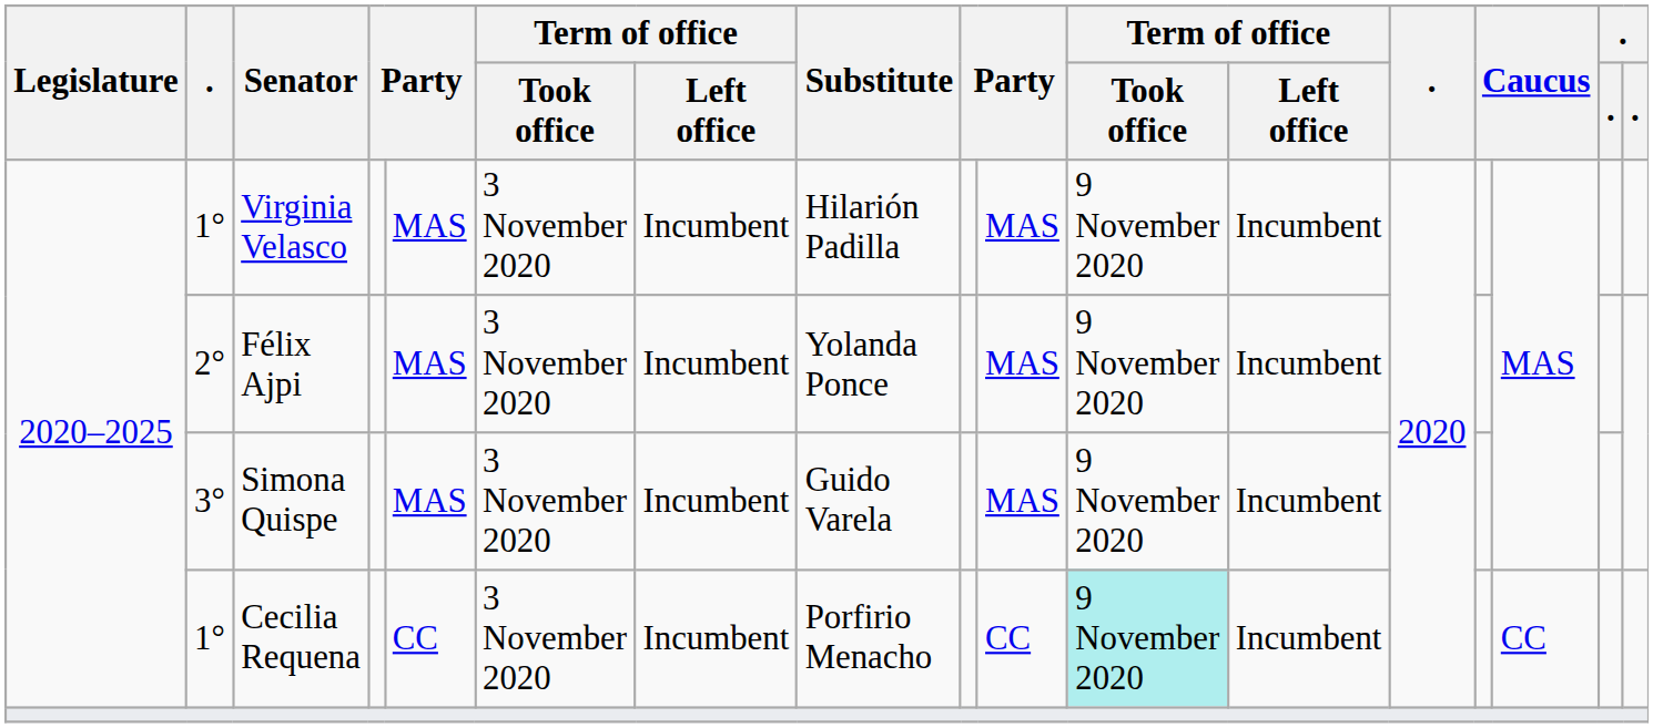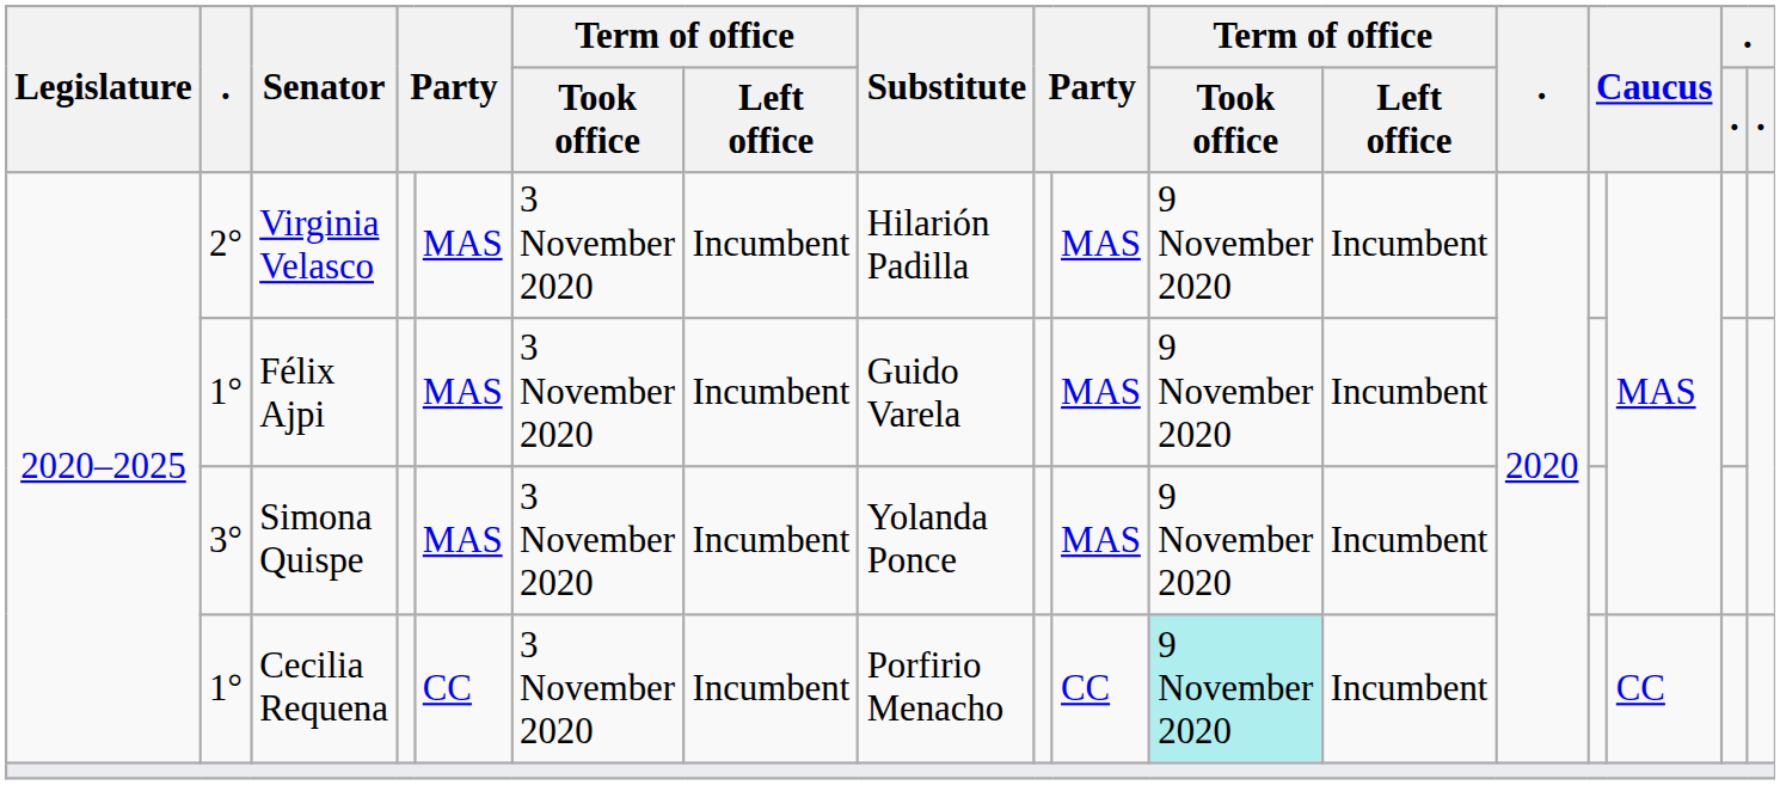 <table class="wikitable" style="font-size: 90%;">
 <tr>
 <th rowspan=2>Legislature</th>
 <th rowspan=2>.</th>
 <th rowspan=2>Senator</th>
 <th rowspan=2 colspan=2>Party</th>
 <th colspan=2>Term of office</th>
 <th rowspan=2>Substitute</th>
 <th rowspan=2 colspan=2>Party</th>
 <th colspan=2>Term of office</th>
 <th rowspan=2>.</th>
 <th rowspan=2 colspan=2><a href='#'>Caucus</a></th>
 <th colspan=2>.</th>
 </tr>
 <tr>
 <th>Took office</th>
 <th>Left office</th>
 <th>Took office</th>
 <th>Left office</th>
 <th>.</th>
 <th>.</th>
 </tr>
 <tr>
 <td style="text-align:center;" rowspan=4><a href='#'>2020–2025</a><br></td>
-<td>1°</td>
+<td>2°</td>
 <td><a href='#'>Virginia Velasco</a></td>
 <td style="background-color:"></td>
 <td><a href='#'>MAS</a></td>
 <td>3 November 2020</td>
 <td>Incumbent</td>
 <td>Hilarión Padilla</td>
 <td style="background-color:"></td>
 <td><a href='#'>MAS</a></td>
 <td>9 November 2020</td>
 <td>Incumbent</td>
 <td rowspan=4><a href='#'>2020</a></td>
 <td style="background-color:"></td>
 <td rowspan=3><a href='#'>MAS</a></td>
 <td></td>
 <td></td>
 </tr>
 <tr>
-<td>2°</td>
+<td>1°</td>
 <td>Félix Ajpi</td>
 <td style="background-color:"></td>
 <td><a href='#'>MAS</a></td>
 <td>3 November 2020</td>
 <td>Incumbent</td>
-<td>Yolanda Ponce</td>
+<td>Guido Varela</td>
 <td style="background-color:"></td>
 <td><a href='#'>MAS</a></td>
 <td>9 November 2020</td>
 <td>Incumbent</td>
 <td></td>
 <td></td>
 </tr>
 <tr>
 <td>3°</td>
 <td>Simona Quispe</td>
 <td style="background-color:"></td>
 <td><a href='#'>MAS</a></td>
 <td>3 November 2020</td>
 <td>Incumbent</td>
-<td>Guido Varela</td>
+<td>Yolanda Ponce</td>
 <td style="background-color:"></td>
 <td><a href='#'>MAS</a></td>
 <td>9 November 2020</td>
 <td>Incumbent</td>
 <td></td>
 <td></td>
 </tr>
 <tr>
 <td>1°</td>
 <td>Cecilia Requena</td>
 <td style="background-color:"></td>
 <td><a href='#'>CC</a></td>
 <td>3 November 2020</td>
 <td>Incumbent</td>
 <td>Porfirio Menacho</td>
 <td style="background-color:"></td>
 <td><a href='#'>CC</a></td>
 <td style="background: paleturquoise;">9 November 2020</td>
 <td>Incumbent</td>
 <td style="background-color:"></td>
 <td><a href='#'>CC</a></td>
 <td></td>
 <td></td>
 </tr>
 <tr>
 <td colspan=17 bgcolor="#EAECF0"></td>
 </tr>
 </table>
